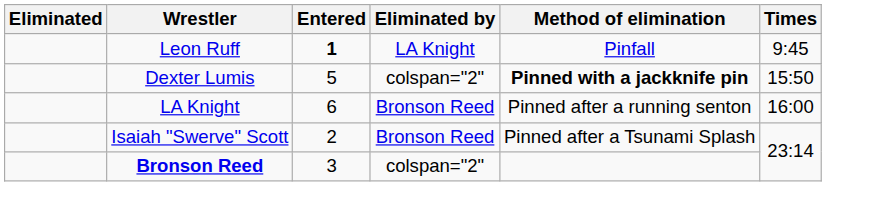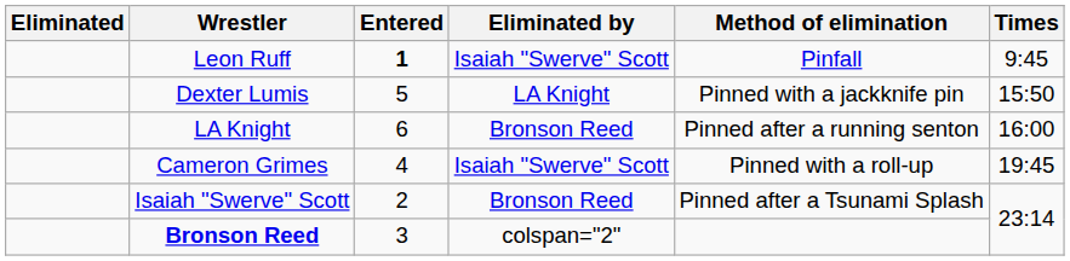 <table class="wikitable sortable" style="text-align:center;">
 <tr>
 <th>Eliminated</th>
 <th>Wrestler</th>
 <th>Entered</th>
 <th>Eliminated by</th>
 <th>Method of elimination</th>
 <th>Times</th>
 </tr>
 <tr>
 <td></td>
 <td><a href='#'>Leon Ruff</a></td>
 <td><strong>1</strong></td>
-<td><a href='#'>LA Knight</a></td>
+<td><a href='#'>Isaiah "Swerve" Scott</a></td>
 <td><a href='#'>Pinfall</a></td>
 <td>9:45</td>
 </tr>
 <tr>
 <td></td>
 <td><a href='#'>Dexter Lumis</a></td>
 <td>5</td>
-<td>colspan="2" </td>
-<td><strong>Pinned with a jackknife pin</strong></td>
+<td><a href='#'>LA Knight</a></td>
+<td>Pinned with a jackknife pin</td>
 <td>15:50</td>
 </tr>
 <tr>
 <td></td>
 <td><a href='#'>LA Knight</a></td>
 <td>6</td>
 <td><a href='#'>Bronson Reed</a></td>
 <td>Pinned after a running senton</td>
 <td>16:00</td>
+</tr>
+<tr>
+<td></td>
+<td><a href='#'>Cameron Grimes</a></td>
+<td>4</td>
+<td><a href='#'>Isaiah "Swerve" Scott</a></td>
+<td>Pinned with a roll-up</td>
+<td>19:45</td>
 </tr>
 <tr>
 <td></td>
 <td><a href='#'>Isaiah "Swerve" Scott</a></td>
 <td>2</td>
 <td><a href='#'>Bronson Reed</a></td>
 <td>Pinned after a Tsunami Splash</td>
 <td rowspan=2>23:14</td>
 </tr>
 <tr>
 <td><strong></strong></td>
 <td><strong><a href='#'>Bronson Reed</a></strong></td>
 <td>3</td>
 <td>colspan="2" </td>
 </tr>
 </table>
